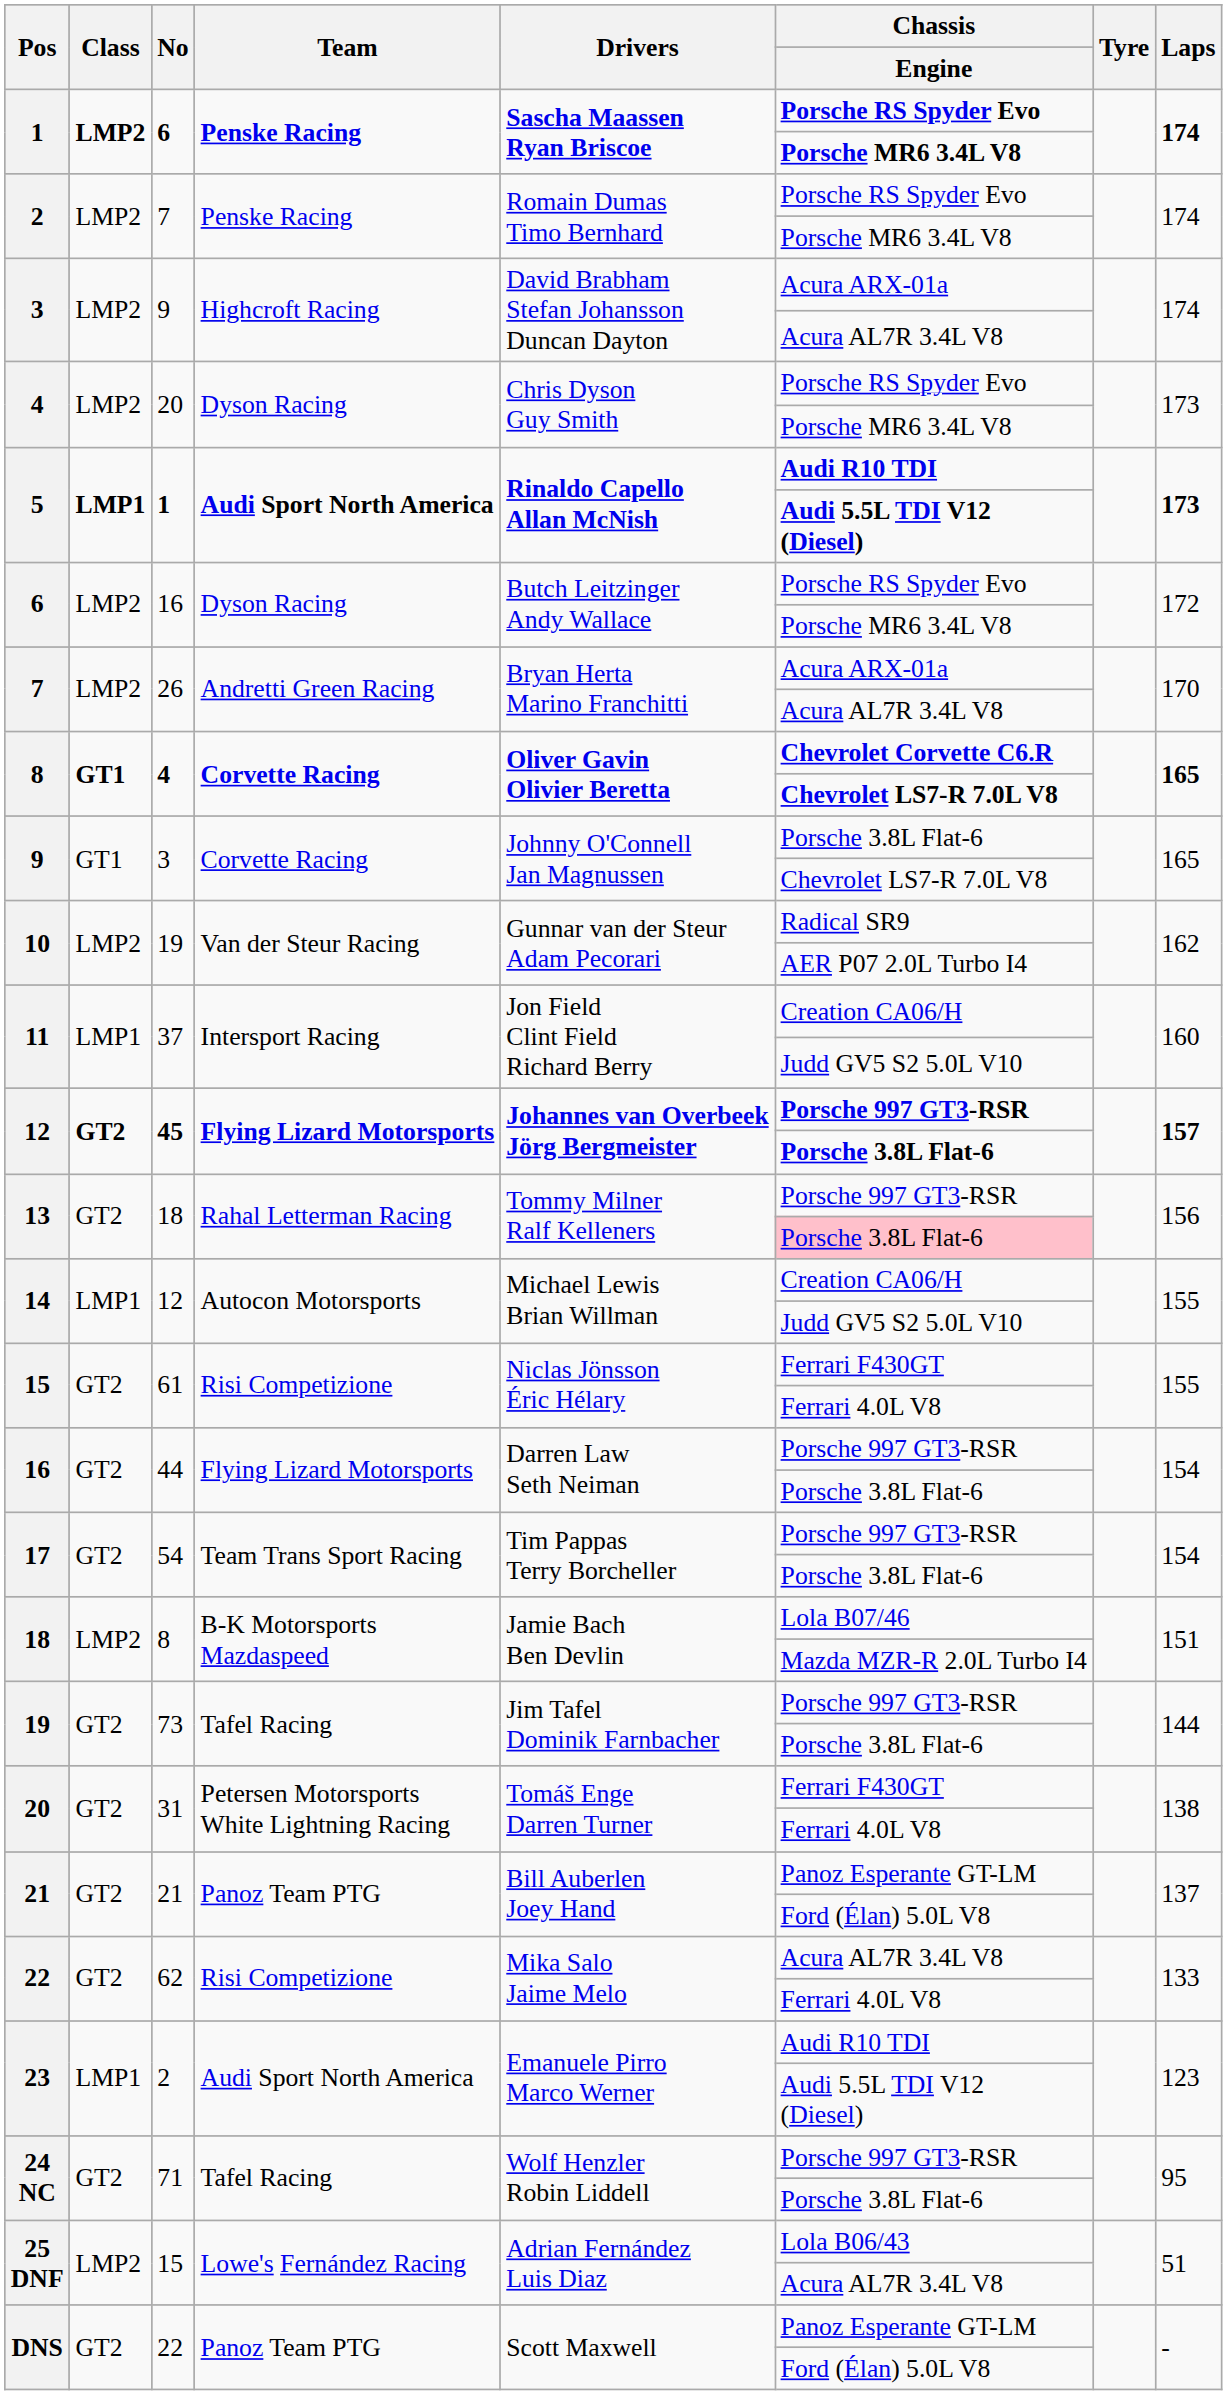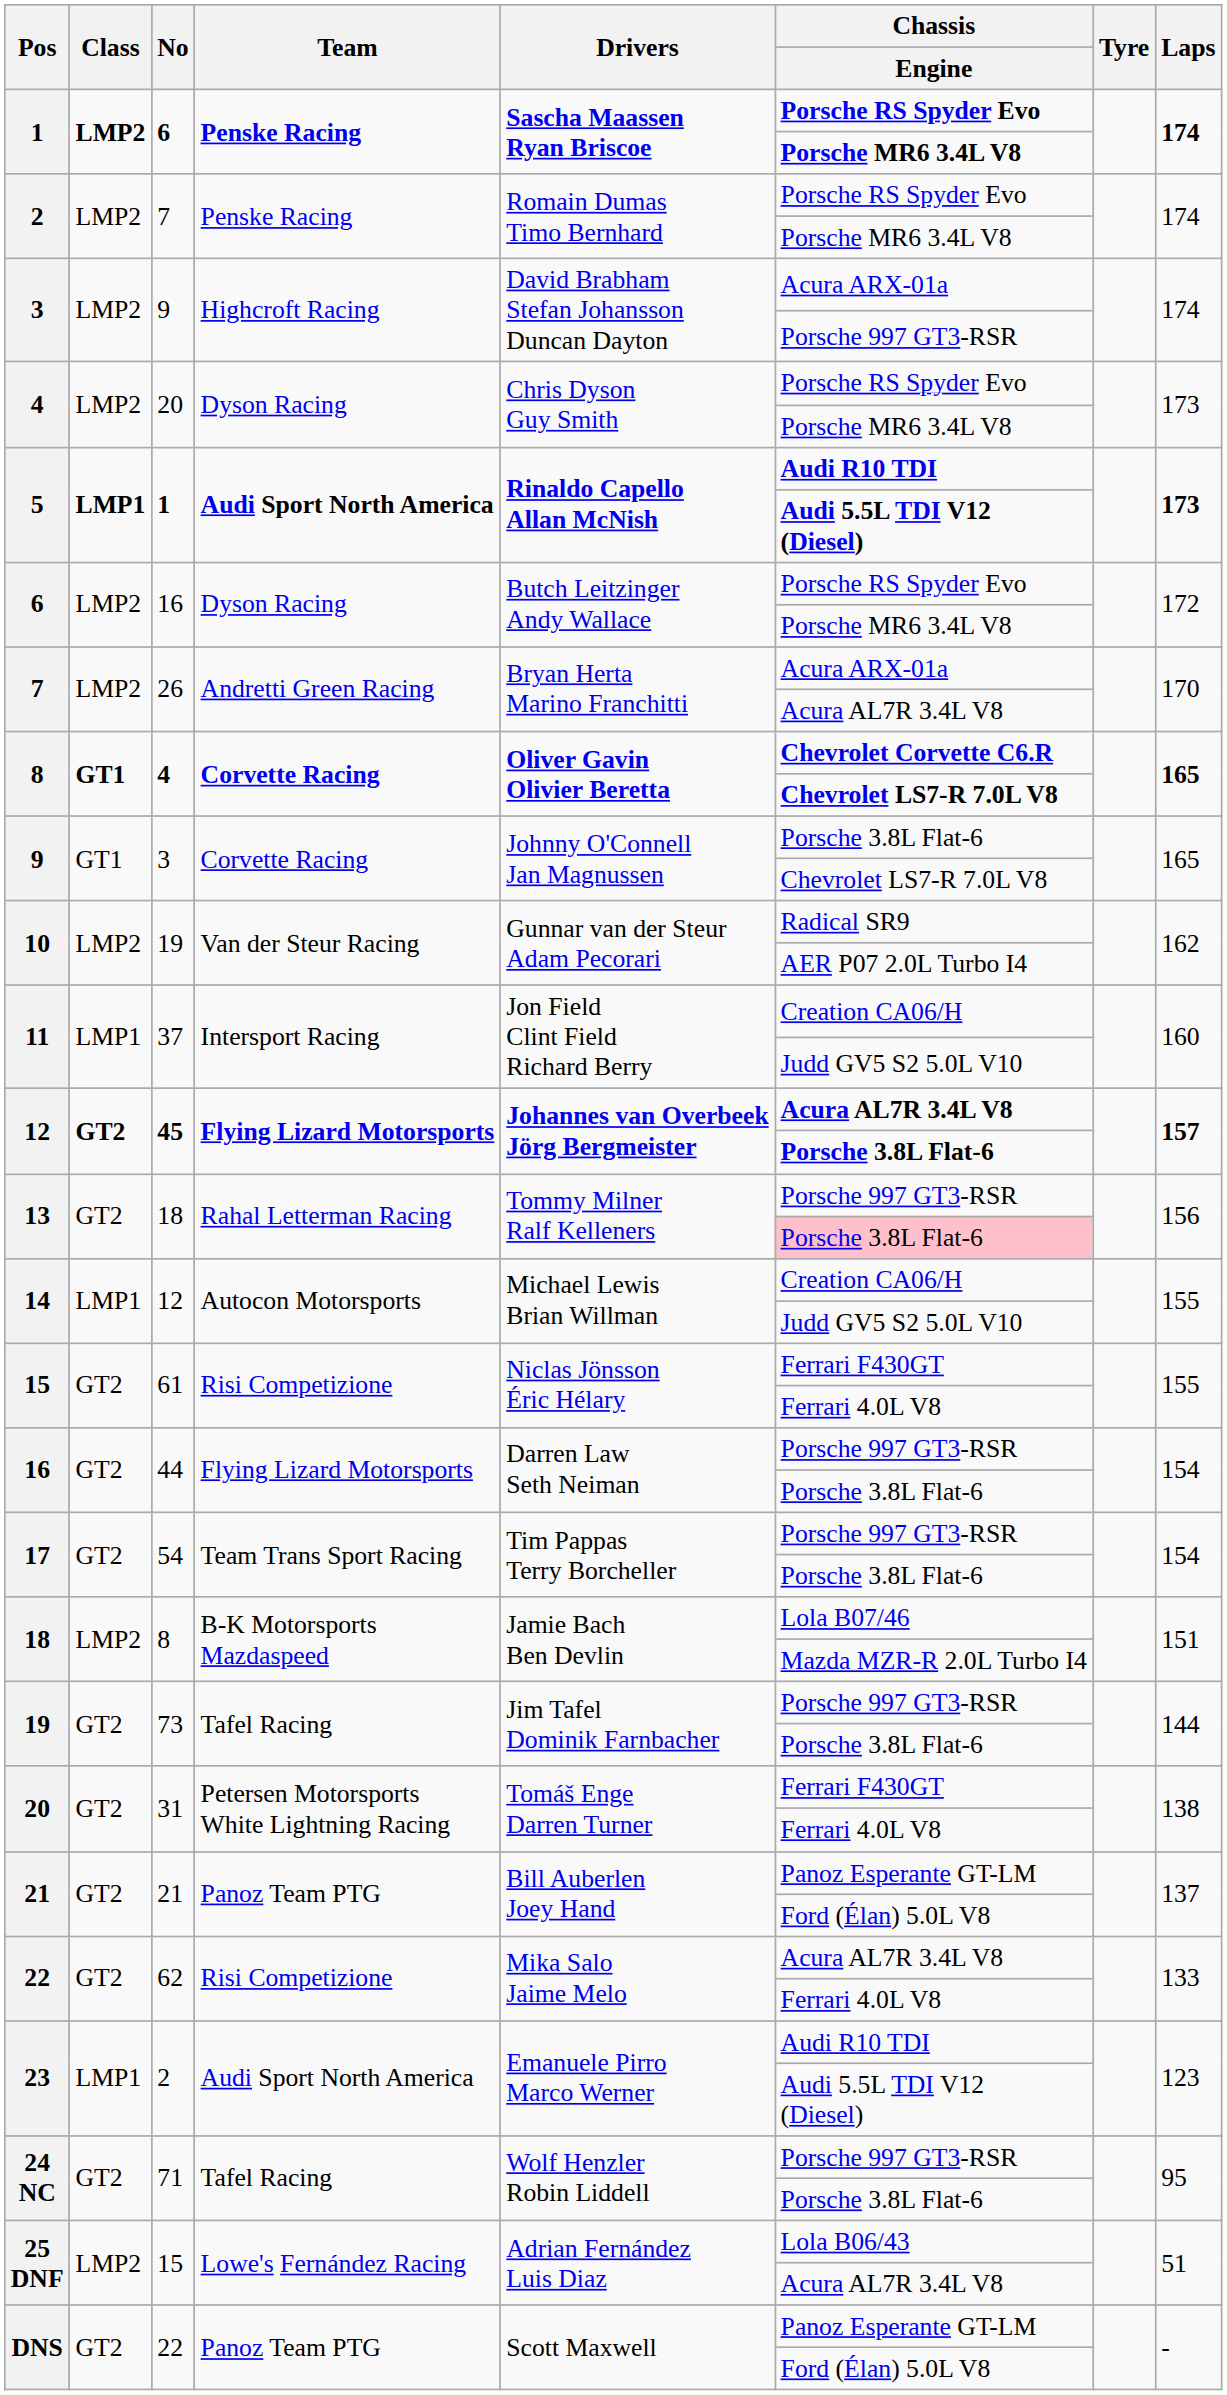 <table class="wikitable" style="font-size: 95%;">
 <tr>
 <th rowspan=2>Pos</th>
 <th rowspan=2>Class</th>
 <th rowspan=2>No</th>
 <th rowspan=2>Team</th>
 <th rowspan=2>Drivers</th>
 <th>Chassis</th>
 <th rowspan=2>Tyre</th>
 <th rowspan=2>Laps</th>
 </tr>
 <tr>
 <th>Engine</th>
 </tr>
 <tr style="font-weight:bold">
 <th rowspan=2>1</th>
 <td rowspan=2>LMP2</td>
 <td rowspan=2>6</td>
 <td rowspan=2> <a href='#'>Penske Racing</a></td>
 <td rowspan=2> <a href='#'>Sascha Maassen</a><br> <a href='#'>Ryan Briscoe</a></td>
 <td><a href='#'>Porsche RS Spyder</a> Evo</td>
 <td rowspan=2></td>
 <td rowspan=2>174</td>
 </tr>
 <tr style="font-weight:bold">
 <td><a href='#'>Porsche</a> MR6 3.4L V8</td>
 </tr>
 <tr>
 <th rowspan=2>2</th>
 <td rowspan=2>LMP2</td>
 <td rowspan=2>7</td>
 <td rowspan=2> <a href='#'>Penske Racing</a></td>
 <td rowspan=2> <a href='#'>Romain Dumas</a><br> <a href='#'>Timo Bernhard</a></td>
 <td><a href='#'>Porsche RS Spyder</a> Evo</td>
 <td rowspan=2></td>
 <td rowspan=2>174</td>
 </tr>
 <tr>
 <td><a href='#'>Porsche</a> MR6 3.4L V8</td>
 </tr>
 <tr>
 <th rowspan=2>3</th>
 <td rowspan=2>LMP2</td>
 <td rowspan=2>9</td>
 <td rowspan=2> <a href='#'>Highcroft Racing</a></td>
 <td rowspan=2> <a href='#'>David Brabham</a><br> <a href='#'>Stefan Johansson</a><br> Duncan Dayton</td>
 <td><a href='#'>Acura ARX-01a</a></td>
 <td rowspan=2></td>
 <td rowspan=2>174</td>
 </tr>
 <tr>
-<td><a href='#'>Acura</a> AL7R 3.4L V8</td>
+<td><a href='#'>Porsche 997 GT3</a>-RSR</td>
 </tr>
 <tr>
 <th rowspan=2>4</th>
 <td rowspan=2>LMP2</td>
 <td rowspan=2>20</td>
 <td rowspan=2> <a href='#'>Dyson Racing</a></td>
 <td rowspan=2> <a href='#'>Chris Dyson</a><br> <a href='#'>Guy Smith</a></td>
 <td><a href='#'>Porsche RS Spyder</a> Evo</td>
 <td rowspan=2></td>
 <td rowspan=2>173</td>
 </tr>
 <tr>
 <td><a href='#'>Porsche</a> MR6 3.4L V8</td>
 </tr>
 <tr style="font-weight:bold">
 <th rowspan=2>5</th>
 <td rowspan=2>LMP1</td>
 <td rowspan=2>1</td>
 <td rowspan=2> <a href='#'>Audi</a> Sport North America</td>
 <td rowspan=2> <a href='#'>Rinaldo Capello</a><br> <a href='#'>Allan McNish</a></td>
 <td><a href='#'>Audi R10 TDI</a></td>
 <td rowspan=2></td>
 <td rowspan=2>173</td>
 </tr>
 <tr style="font-weight:bold">
 <td><a href='#'>Audi</a> 5.5L <a href='#'>TDI</a> V12<br>(<a href='#'>Diesel</a>)</td>
 </tr>
 <tr>
 <th rowspan=2>6</th>
 <td rowspan=2>LMP2</td>
 <td rowspan=2>16</td>
 <td rowspan=2> <a href='#'>Dyson Racing</a></td>
 <td rowspan=2> <a href='#'>Butch Leitzinger</a><br> <a href='#'>Andy Wallace</a></td>
 <td><a href='#'>Porsche RS Spyder</a> Evo</td>
 <td rowspan=2></td>
 <td rowspan=2>172</td>
 </tr>
 <tr>
 <td><a href='#'>Porsche</a> MR6 3.4L V8</td>
 </tr>
 <tr>
 <th rowspan=2>7</th>
 <td rowspan=2>LMP2</td>
 <td rowspan=2>26</td>
 <td rowspan=2> <a href='#'>Andretti Green Racing</a></td>
 <td rowspan=2> <a href='#'>Bryan Herta</a><br> <a href='#'>Marino Franchitti</a></td>
 <td><a href='#'>Acura ARX-01a</a></td>
 <td rowspan=2></td>
 <td rowspan=2>170</td>
 </tr>
 <tr>
 <td><a href='#'>Acura</a> AL7R 3.4L V8</td>
 </tr>
 <tr style="font-weight:bold">
 <th rowspan=2>8</th>
 <td rowspan=2>GT1</td>
 <td rowspan=2>4</td>
 <td rowspan=2> <a href='#'>Corvette Racing</a></td>
 <td rowspan=2> <a href='#'>Oliver Gavin</a><br> <a href='#'>Olivier Beretta</a></td>
 <td><a href='#'>Chevrolet Corvette C6.R</a></td>
 <td rowspan=2></td>
 <td rowspan=2>165</td>
 </tr>
 <tr style="font-weight:bold">
 <td><a href='#'>Chevrolet</a> LS7-R 7.0L V8</td>
 </tr>
 <tr>
 <th rowspan=2>9</th>
 <td rowspan=2>GT1</td>
 <td rowspan=2>3</td>
 <td rowspan=2> <a href='#'>Corvette Racing</a></td>
 <td rowspan=2> <a href='#'>Johnny O'Connell</a><br> <a href='#'>Jan Magnussen</a></td>
 <td><a href='#'>Porsche</a> 3.8L Flat-6</td>
 <td rowspan=2></td>
 <td rowspan=2>165</td>
 </tr>
 <tr>
 <td><a href='#'>Chevrolet</a> LS7-R 7.0L V8</td>
 </tr>
 <tr>
 <th rowspan=2>10</th>
 <td rowspan=2>LMP2</td>
 <td rowspan=2>19</td>
 <td rowspan=2> Van der Steur Racing</td>
 <td rowspan=2> Gunnar van der Steur<br> <a href='#'>Adam Pecorari</a></td>
 <td><a href='#'>Radical</a> SR9</td>
 <td rowspan=2></td>
 <td rowspan=2>162</td>
 </tr>
 <tr>
 <td><a href='#'>AER</a> P07 2.0L Turbo I4</td>
 </tr>
 <tr>
 <th rowspan=2>11</th>
 <td rowspan=2>LMP1</td>
 <td rowspan=2>37</td>
 <td rowspan=2> Intersport Racing</td>
 <td rowspan=2> Jon Field<br> Clint Field<br> Richard Berry</td>
 <td><a href='#'>Creation CA06/H</a></td>
 <td rowspan=2></td>
 <td rowspan=2>160</td>
 </tr>
 <tr>
 <td><a href='#'>Judd</a> GV5 S2 5.0L V10</td>
 </tr>
 <tr style="font-weight:bold">
 <th rowspan=2>12</th>
 <td rowspan=2>GT2</td>
 <td rowspan=2>45</td>
 <td rowspan=2> <a href='#'>Flying Lizard Motorsports</a></td>
 <td rowspan=2> <a href='#'>Johannes van Overbeek</a><br> <a href='#'>Jörg Bergmeister</a></td>
-<td><a href='#'>Porsche 997 GT3</a>-RSR</td>
+<td><a href='#'>Acura</a> AL7R 3.4L V8</td>
 <td rowspan=2></td>
 <td rowspan=2>157</td>
 </tr>
 <tr style="font-weight:bold">
 <td><a href='#'>Porsche</a> 3.8L Flat-6</td>
 </tr>
 <tr>
 <th rowspan=2>13</th>
 <td rowspan=2>GT2</td>
 <td rowspan=2>18</td>
 <td rowspan=2> <a href='#'>Rahal Letterman Racing</a></td>
 <td rowspan=2> <a href='#'>Tommy Milner</a><br> <a href='#'>Ralf Kelleners</a></td>
 <td><a href='#'>Porsche 997 GT3</a>-RSR</td>
 <td rowspan=2></td>
 <td rowspan=2>156</td>
 </tr>
 <tr>
 <td style="background: pink;"><a href='#'>Porsche</a> 3.8L Flat-6</td>
 </tr>
 <tr>
 <th rowspan=2>14</th>
 <td rowspan=2>LMP1</td>
 <td rowspan=2>12</td>
 <td rowspan=2> Autocon Motorsports</td>
 <td rowspan=2> Michael Lewis<br> Brian Willman</td>
 <td><a href='#'>Creation CA06/H</a></td>
 <td rowspan=2></td>
 <td rowspan=2>155</td>
 </tr>
 <tr>
 <td><a href='#'>Judd</a> GV5 S2 5.0L V10</td>
 </tr>
 <tr>
 <th rowspan=2>15</th>
 <td rowspan=2>GT2</td>
 <td rowspan=2>61</td>
 <td rowspan=2> <a href='#'>Risi Competizione</a></td>
 <td rowspan=2> <a href='#'>Niclas Jönsson</a><br> <a href='#'>Éric Hélary</a></td>
 <td><a href='#'>Ferrari F430GT</a></td>
 <td rowspan=2></td>
 <td rowspan=2>155</td>
 </tr>
 <tr>
 <td><a href='#'>Ferrari</a> 4.0L V8</td>
 </tr>
 <tr>
 <th rowspan=2>16</th>
 <td rowspan=2>GT2</td>
 <td rowspan=2>44</td>
 <td rowspan=2> <a href='#'>Flying Lizard Motorsports</a></td>
 <td rowspan=2> Darren Law<br> Seth Neiman</td>
 <td><a href='#'>Porsche 997 GT3</a>-RSR</td>
 <td rowspan=2></td>
 <td rowspan=2>154</td>
 </tr>
 <tr>
 <td><a href='#'>Porsche</a> 3.8L Flat-6</td>
 </tr>
 <tr>
 <th rowspan=2>17</th>
 <td rowspan=2>GT2</td>
 <td rowspan=2>54</td>
 <td rowspan=2> Team Trans Sport Racing</td>
 <td rowspan=2> Tim Pappas<br> Terry Borcheller</td>
 <td><a href='#'>Porsche 997 GT3</a>-RSR</td>
 <td rowspan=2></td>
 <td rowspan=2>154</td>
 </tr>
 <tr>
 <td><a href='#'>Porsche</a> 3.8L Flat-6</td>
 </tr>
 <tr>
 <th rowspan=2>18</th>
 <td rowspan=2>LMP2</td>
 <td rowspan=2>8</td>
 <td rowspan=2> B-K Motorsports<br> <a href='#'>Mazdaspeed</a></td>
 <td rowspan=2> Jamie Bach<br> Ben Devlin</td>
 <td><a href='#'>Lola B07/46</a></td>
 <td rowspan=2></td>
 <td rowspan=2>151</td>
 </tr>
 <tr>
 <td><a href='#'>Mazda MZR-R</a> 2.0L Turbo I4</td>
 </tr>
 <tr>
 <th rowspan=2>19</th>
 <td rowspan=2>GT2</td>
 <td rowspan=2>73</td>
 <td rowspan=2> Tafel Racing</td>
 <td rowspan=2> Jim Tafel<br> <a href='#'>Dominik Farnbacher</a></td>
 <td><a href='#'>Porsche 997 GT3</a>-RSR</td>
 <td rowspan=2></td>
 <td rowspan=2>144</td>
 </tr>
 <tr>
 <td><a href='#'>Porsche</a> 3.8L Flat-6</td>
 </tr>
 <tr>
 <th rowspan=2>20</th>
 <td rowspan=2>GT2</td>
 <td rowspan=2>31</td>
 <td rowspan=2> Petersen Motorsports<br> White Lightning Racing</td>
 <td rowspan=2> <a href='#'>Tomáš Enge</a><br> <a href='#'>Darren Turner</a></td>
 <td><a href='#'>Ferrari F430GT</a></td>
 <td rowspan=2></td>
 <td rowspan=2>138</td>
 </tr>
 <tr>
 <td><a href='#'>Ferrari</a> 4.0L V8</td>
 </tr>
 <tr>
 <th rowspan=2>21</th>
 <td rowspan=2>GT2</td>
 <td rowspan=2>21</td>
 <td rowspan=2> <a href='#'>Panoz</a> Team PTG</td>
 <td rowspan=2> <a href='#'>Bill Auberlen</a><br> <a href='#'>Joey Hand</a></td>
 <td><a href='#'>Panoz Esperante</a> GT-LM</td>
 <td rowspan=2></td>
 <td rowspan=2>137</td>
 </tr>
 <tr>
 <td><a href='#'>Ford</a> (<a href='#'>Élan</a>) 5.0L V8</td>
 </tr>
 <tr>
 <th rowspan=2>22</th>
 <td rowspan=2>GT2</td>
 <td rowspan=2>62</td>
 <td rowspan=2> <a href='#'>Risi Competizione</a></td>
 <td rowspan=2> <a href='#'>Mika Salo</a><br> <a href='#'>Jaime Melo</a></td>
 <td><a href='#'>Acura</a> AL7R 3.4L V8</td>
 <td rowspan=2></td>
 <td rowspan=2>133</td>
 </tr>
 <tr>
 <td><a href='#'>Ferrari</a> 4.0L V8</td>
 </tr>
 <tr>
 <th rowspan=2>23</th>
 <td rowspan=2>LMP1</td>
 <td rowspan=2>2</td>
 <td rowspan=2> <a href='#'>Audi</a> Sport North America</td>
 <td rowspan=2> <a href='#'>Emanuele Pirro</a><br> <a href='#'>Marco Werner</a></td>
 <td><a href='#'>Audi R10 TDI</a></td>
 <td rowspan=2></td>
 <td rowspan=2>123</td>
 </tr>
 <tr>
 <td><a href='#'>Audi</a> 5.5L <a href='#'>TDI</a> V12<br>(<a href='#'>Diesel</a>)</td>
 </tr>
 <tr>
 <th rowspan=2>24<br>NC</th>
 <td rowspan=2>GT2</td>
 <td rowspan=2>71</td>
 <td rowspan=2> Tafel Racing</td>
 <td rowspan=2> <a href='#'>Wolf Henzler</a><br> Robin Liddell</td>
 <td><a href='#'>Porsche 997 GT3</a>-RSR</td>
 <td rowspan=2></td>
 <td rowspan=2>95</td>
 </tr>
 <tr>
 <td><a href='#'>Porsche</a> 3.8L Flat-6</td>
 </tr>
 <tr>
 <th rowspan=2>25<br>DNF</th>
 <td rowspan=2>LMP2</td>
 <td rowspan=2>15</td>
 <td rowspan=2> <a href='#'>Lowe's</a> <a href='#'>Fernández Racing</a></td>
 <td rowspan=2> <a href='#'>Adrian Fernández</a><br> <a href='#'>Luis Diaz</a></td>
 <td><a href='#'>Lola B06/43</a></td>
 <td rowspan=2></td>
 <td rowspan=2>51</td>
 </tr>
 <tr>
 <td><a href='#'>Acura</a> AL7R 3.4L V8</td>
 </tr>
 <tr>
 <th rowspan=2>DNS</th>
 <td rowspan=2>GT2</td>
 <td rowspan=2>22</td>
 <td rowspan=2> <a href='#'>Panoz</a> Team PTG</td>
 <td rowspan=2> Scott Maxwell</td>
 <td><a href='#'>Panoz Esperante</a> GT-LM</td>
 <td rowspan=2></td>
 <td rowspan=2>-</td>
 </tr>
 <tr>
 <td><a href='#'>Ford</a> (<a href='#'>Élan</a>) 5.0L V8</td>
 </tr>
 </table>
